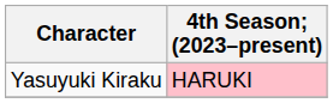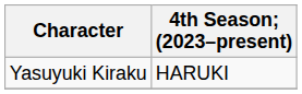 <table class="wikitable">
 <tr>
 <th>Character</th>
 <th>4th Season;<br>(2023–present)</th>
 </tr>
 <tr>
 <td>Yasuyuki Kiraku</td>
-<td style="background: pink;">HARUKI</td>
+<td>HARUKI</td>
 </tr>
 <tr>
 </tr>
 </table>
